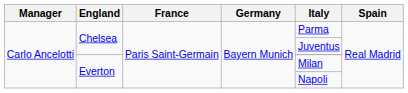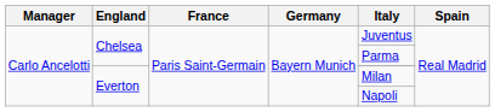 <table class="wikitable sortable" style="text-align:; font-size:88%;">
 <tr>
 <th>Manager</th>
 <th> England</th>
 <th> France</th>
 <th> Germany</th>
 <th> Italy</th>
 <th> Spain</th>
 </tr>
 <tr>
 <td rowspan="5"> <a href='#'>Carlo Ancelotti</a></td>
 <td rowspan="2"><a href='#'>Chelsea</a></td>
 <td rowspan="5"><a href='#'>Paris Saint-Germain</a></td>
 <td rowspan="5"><a href='#'>Bayern Munich</a></td>
-<td><a href='#'>Parma</a></td>
+<td><a href='#'>Juventus</a></td>
 <td rowspan="5"><a href='#'>Real Madrid</a></td>
 </tr>
 <tr>
-<td><a href='#'>Juventus</a></td>
+<td><a href='#'>Parma</a></td>
 </tr>
 <tr>
 <td rowspan="3"><a href='#'>Everton</a></td>
 </tr>
 <tr>
 <td><a href='#'>Milan</a></td>
 </tr>
 <tr>
 <td><a href='#'>Napoli</a></td>
 </tr>
 </table>
